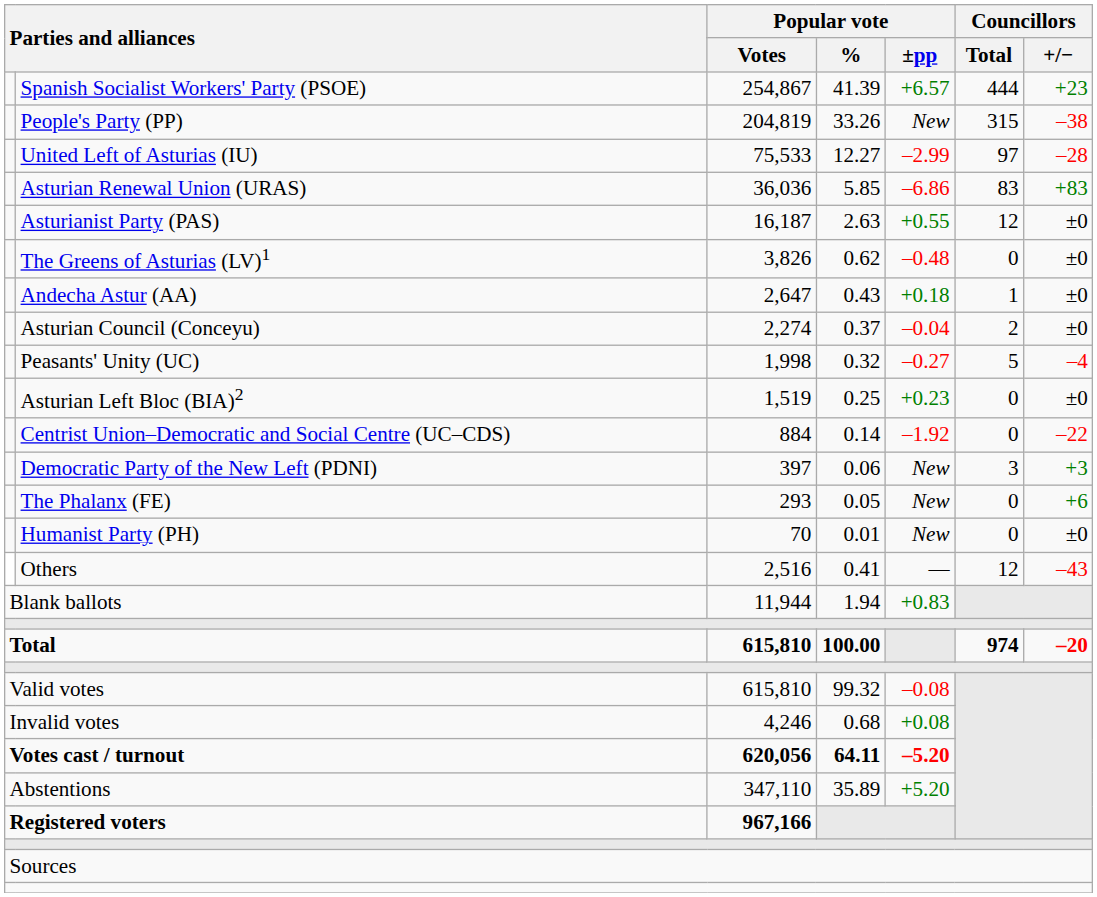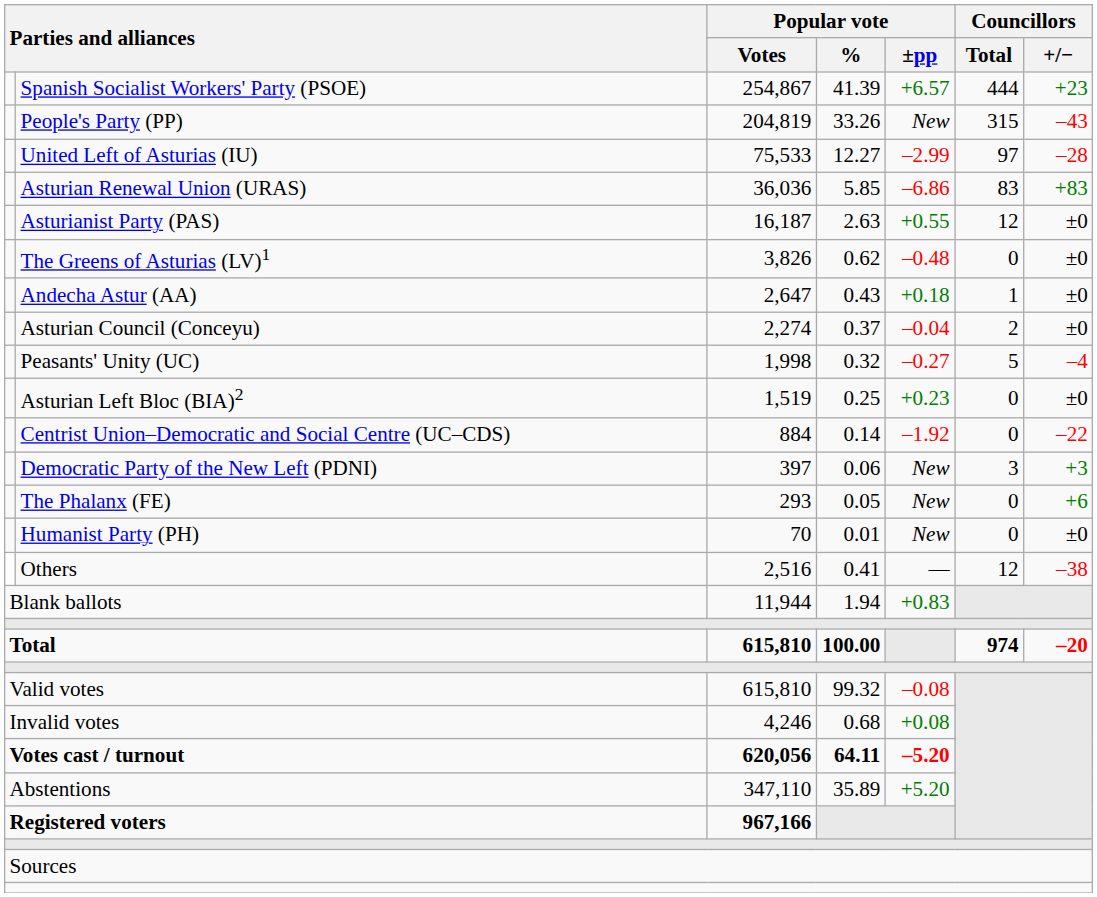 <table class="wikitable" style="text-align:right;">
 <tr>
 <th style="text-align:left;" rowspan="2" colspan="2" width="525">Parties and alliances</th>
 <th colspan="3">Popular vote</th>
 <th colspan="2">Councillors</th>
 </tr>
 <tr>
 <th width="75">Votes</th>
 <th width="45">%</th>
 <th width="45">±<a href='#'>pp</a></th>
 <th width="45">Total</th>
 <th width="45">+/−</th>
 </tr>
 <tr>
 <td width="1" style="color:inherit;background:"></td>
 <td align="left"><a href='#'>Spanish Socialist Workers' Party</a> (PSOE)</td>
 <td>254,867</td>
 <td>41.39</td>
 <td style="color:green;">+6.57</td>
 <td>444</td>
 <td style="color:green;">+23</td>
 </tr>
 <tr>
 <td style="color:inherit;background:"></td>
 <td align="left"><a href='#'>People's Party</a> (PP)</td>
 <td>204,819</td>
 <td>33.26</td>
 <td><em>New</em></td>
 <td>315</td>
-<td style="color:red;">–38</td>
+<td style="color:red;">–43</td>
 </tr>
 <tr>
 <td style="color:inherit;background:"></td>
 <td align="left"><a href='#'>United Left of Asturias</a> (IU)</td>
 <td>75,533</td>
 <td>12.27</td>
 <td style="color:red;">–2.99</td>
 <td>97</td>
 <td style="color:red;">–28</td>
 </tr>
 <tr>
 <td style="color:inherit;background:"></td>
 <td align="left"><a href='#'>Asturian Renewal Union</a> (URAS)</td>
 <td>36,036</td>
 <td>5.85</td>
 <td style="color:red;">–6.86</td>
 <td>83</td>
 <td style="color:green;">+83</td>
 </tr>
 <tr>
 <td style="color:inherit;background:"></td>
 <td align="left"><a href='#'>Asturianist Party</a> (PAS)</td>
 <td>16,187</td>
 <td>2.63</td>
 <td style="color:green;">+0.55</td>
 <td>12</td>
 <td>±0</td>
 </tr>
 <tr>
 <td style="color:inherit;background:"></td>
 <td align="left"><a href='#'>The Greens of Asturias</a> (LV)<sup>1</sup></td>
 <td>3,826</td>
 <td>0.62</td>
 <td style="color:red;">–0.48</td>
 <td>0</td>
 <td>±0</td>
 </tr>
 <tr>
 <td style="color:inherit;background:"></td>
 <td align="left"><a href='#'>Andecha Astur</a> (AA)</td>
 <td>2,647</td>
 <td>0.43</td>
 <td style="color:green;">+0.18</td>
 <td>1</td>
 <td>±0</td>
 </tr>
 <tr>
 <td style="color:inherit;background:"></td>
 <td align="left">Asturian Council (Conceyu)</td>
 <td>2,274</td>
 <td>0.37</td>
 <td style="color:red;">–0.04</td>
 <td>2</td>
 <td>±0</td>
 </tr>
 <tr>
 <td style="color:inherit;background:"></td>
 <td align="left">Peasants' Unity (UC)</td>
 <td>1,998</td>
 <td>0.32</td>
 <td style="color:red;">–0.27</td>
 <td>5</td>
 <td style="color:red;">–4</td>
 </tr>
 <tr>
 <td style="color:inherit;background:"></td>
 <td align="left">Asturian Left Bloc (BIA)<sup>2</sup></td>
 <td>1,519</td>
 <td>0.25</td>
 <td style="color:green;">+0.23</td>
 <td>0</td>
 <td>±0</td>
 </tr>
 <tr>
 <td style="color:inherit;background:"></td>
 <td align="left"><a href='#'>Centrist Union–Democratic and Social Centre</a> (UC–CDS)</td>
 <td>884</td>
 <td>0.14</td>
 <td style="color:red;">–1.92</td>
 <td>0</td>
 <td style="color:red;">–22</td>
 </tr>
 <tr>
 <td style="color:inherit;background:"></td>
 <td align="left"><a href='#'>Democratic Party of the New Left</a> (PDNI)</td>
 <td>397</td>
 <td>0.06</td>
 <td><em>New</em></td>
 <td>3</td>
 <td style="color:green;">+3</td>
 </tr>
 <tr>
 <td style="color:inherit;background:"></td>
 <td align="left"><a href='#'>The Phalanx</a> (FE)</td>
 <td>293</td>
 <td>0.05</td>
 <td><em>New</em></td>
 <td>0</td>
 <td style="color:green;">+6</td>
 </tr>
 <tr>
 <td style="color:inherit;background:"></td>
 <td align="left"><a href='#'>Humanist Party</a> (PH)</td>
 <td>70</td>
 <td>0.01</td>
 <td><em>New</em></td>
 <td>0</td>
 <td>±0</td>
 </tr>
 <tr>
 <td bgcolor="white"></td>
 <td align="left">Others</td>
 <td>2,516</td>
 <td>0.41</td>
 <td>—</td>
 <td>12</td>
-<td style="color:red;">–43</td>
+<td style="color:red;">–38</td>
 </tr>
 <tr>
 <td align="left" colspan="2">Blank ballots</td>
 <td>11,944</td>
 <td>1.94</td>
 <td style="color:green;">+0.83</td>
 <td bgcolor="#E9E9E9" colspan="2"></td>
 </tr>
 <tr>
 <td colspan="7" bgcolor="#E9E9E9"></td>
 </tr>
 <tr style="font-weight:bold;">
 <td align="left" colspan="2">Total</td>
 <td>615,810</td>
 <td>100.00</td>
 <td bgcolor="#E9E9E9"></td>
 <td>974</td>
 <td style="color:red;">–20</td>
 </tr>
 <tr>
 <td colspan="7" bgcolor="#E9E9E9"></td>
 </tr>
 <tr>
 <td align="left" colspan="2">Valid votes</td>
 <td>615,810</td>
 <td>99.32</td>
 <td style="color:red;">–0.08</td>
 <td bgcolor="#E9E9E9" colspan="2" rowspan="5"></td>
 </tr>
 <tr>
 <td align="left" colspan="2">Invalid votes</td>
 <td>4,246</td>
 <td>0.68</td>
 <td style="color:green;">+0.08</td>
 </tr>
 <tr style="font-weight:bold;">
 <td align="left" colspan="2">Votes cast / turnout</td>
 <td>620,056</td>
 <td>64.11</td>
 <td style="color:red;">–5.20</td>
 </tr>
 <tr>
 <td align="left" colspan="2">Abstentions</td>
 <td>347,110</td>
 <td>35.89</td>
 <td style="color:green;">+5.20</td>
 </tr>
 <tr style="font-weight:bold;">
 <td align="left" colspan="2">Registered voters</td>
 <td>967,166</td>
 <td bgcolor="#E9E9E9" colspan="2"></td>
 </tr>
 <tr>
 <td colspan="7" bgcolor="#E9E9E9"></td>
 </tr>
 <tr>
 <td align="left" colspan="7">Sources</td>
 </tr>
 <tr>
 <td colspan="7" style="text-align:left; max-width:790px;"></td>
 </tr>
 </table>
